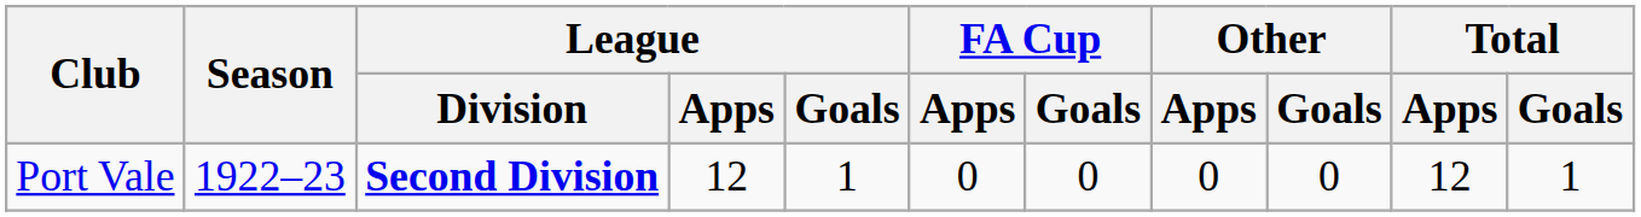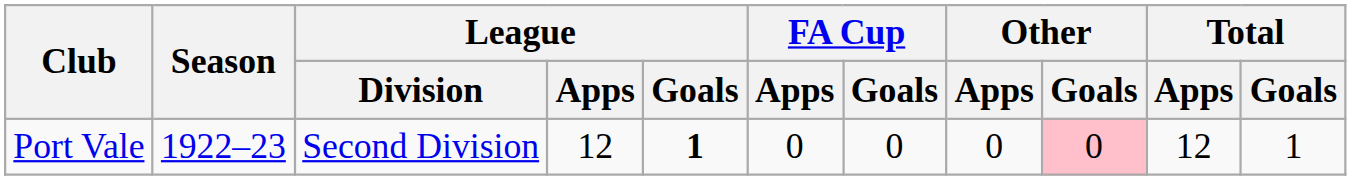 <table class="wikitable" style="text-align:center">
 <tr>
 <th rowspan="2">Club</th>
 <th rowspan="2">Season</th>
 <th colspan="3">League</th>
 <th colspan="2"><a href='#'>FA Cup</a></th>
 <th colspan="2">Other</th>
 <th colspan="2">Total</th>
 </tr>
 <tr>
 <th>Division</th>
 <th>Apps</th>
 <th>Goals</th>
 <th>Apps</th>
 <th>Goals</th>
 <th>Apps</th>
 <th>Goals</th>
 <th>Apps</th>
 <th>Goals</th>
 </tr>
 <tr>
 <td><a href='#'>Port Vale</a></td>
 <td><a href='#'>1922–23</a></td>
-<td><strong><a href='#'>Second Division</a></strong></td>
+<td><a href='#'>Second Division</a></td>
 <td>12</td>
-<td>1</td>
+<td><strong>1</strong></td>
 <td>0</td>
 <td>0</td>
 <td>0</td>
-<td>0</td>
+<td style="background: pink;">0</td>
 <td>12</td>
 <td>1</td>
 </tr>
 </table>
